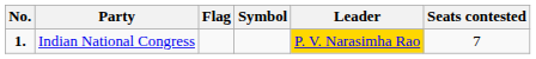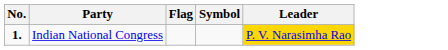 <table class="wikitable">
 <tr>
 <th>No.</th>
 <th>Party</th>
 <th><strong>Flag</strong></th>
 <th>Symbol</th>
 <th>Leader</th>
-<th>Seats contested</th>
 </tr>
 <tr>
 <td ! style="text-align:center; background:"><strong>1.</strong></td>
 <td style="text-align:center"><a href='#'>Indian National Congress</a></td>
 <td></td>
 <td></td>
 <td style="background: gold; text-align:center"><a href='#'>P. V. Narasimha Rao</a></td>
-<td style="text-align:center">7</td>
 </tr>
 </table>
